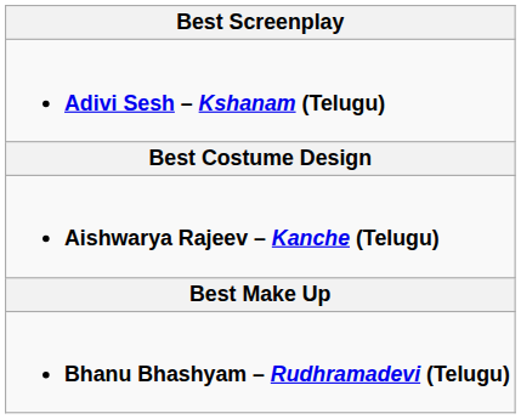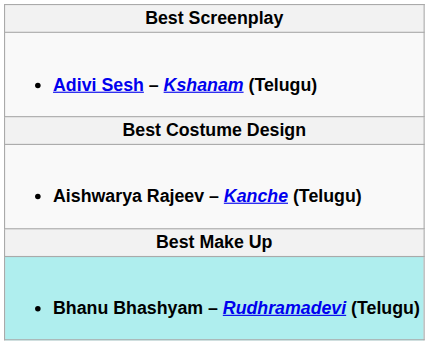 <table class="wikitable">
 <tr>
 <th>Best Screenplay</th>
 </tr>
 <tr>
 <td><br><ul><li><strong><a href='#'>Adivi Sesh</a> – <em><a href='#'>Kshanam</a></em> (Telugu)</strong></li></ul></td>
 </tr>
 <tr>
 <th>Best Costume Design</th>
 </tr>
 <tr>
 <td><br><ul><li><strong>Aishwarya Rajeev – <em><a href='#'>Kanche</a></em> (Telugu)</strong></li></ul></td>
 </tr>
 <tr>
 <th>Best Make Up</th>
 </tr>
 <tr>
-<td><br><ul><li><strong>Bhanu Bhashyam – <a href='#'><em>Rudhramadevi</em></a> (Telugu)</strong></li></ul></td>
+<td style="background: paleturquoise;"><br><ul><li><strong>Bhanu Bhashyam – <a href='#'><em>Rudhramadevi</em></a> (Telugu)</strong></li></ul></td>
 </tr>
 </table>
